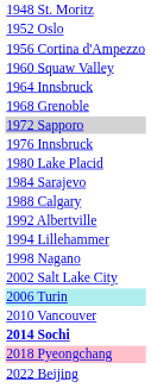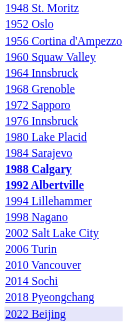 <table>
 <tr valign="top">
 <td><a href='#'>1948 St. Moritz</a><br></td>
 <td></td>
 <td></td>
 <td><br></td>
 </tr>
 <tr>
 <td><a href='#'>1952 Oslo</a><br></td>
 <td></td>
 <td></td>
 <td></td>
 </tr>
 <tr>
 <td><a href='#'>1956 Cortina d'Ampezzo</a><br></td>
 <td></td>
 <td></td>
 <td></td>
 </tr>
 <tr>
 <td><a href='#'>1960 Squaw Valley</a><br></td>
 <td></td>
 <td></td>
 <td></td>
 </tr>
 <tr>
 <td><a href='#'>1964 Innsbruck</a><br></td>
 <td></td>
 <td></td>
 <td></td>
 </tr>
 <tr>
 <td><a href='#'>1968 Grenoble</a><br></td>
 <td></td>
 <td></td>
 <td></td>
 </tr>
 <tr>
-<td style="background: lightgrey;"><a href='#'>1972 Sapporo</a><br></td>
+<td><a href='#'>1972 Sapporo</a><br></td>
 <td></td>
 <td></td>
 <td></td>
 </tr>
 <tr>
 <td><a href='#'>1976 Innsbruck</a><br></td>
 <td></td>
 <td></td>
 <td></td>
 </tr>
 <tr>
 <td><a href='#'>1980 Lake Placid</a><br></td>
 <td></td>
 <td></td>
 <td></td>
 </tr>
 <tr>
 <td><a href='#'>1984 Sarajevo</a><br></td>
 <td></td>
 <td></td>
 <td></td>
 </tr>
 <tr>
-<td><a href='#'>1988 Calgary</a><br></td>
+<td><strong><a href='#'>1988 Calgary</a><br></strong></td>
 <td></td>
 <td></td>
 <td></td>
 </tr>
 <tr>
-<td><a href='#'>1992 Albertville</a><br></td>
+<td><strong><a href='#'>1992 Albertville</a><br></strong></td>
 <td></td>
 <td></td>
 <td></td>
 </tr>
 <tr>
 <td><a href='#'>1994 Lillehammer</a><br></td>
 <td></td>
 <td></td>
 <td></td>
 </tr>
 <tr>
 <td><a href='#'>1998 Nagano</a><br></td>
 <td></td>
 <td></td>
 <td></td>
 </tr>
 <tr>
 <td><a href='#'>2002 Salt Lake City</a><br></td>
 <td></td>
 <td></td>
 <td></td>
 </tr>
 <tr>
-<td style="background: paleturquoise;"><a href='#'>2006 Turin</a><br></td>
+<td><a href='#'>2006 Turin</a><br></td>
 <td></td>
 <td></td>
 <td></td>
 </tr>
 <tr>
 <td><a href='#'>2010 Vancouver</a><br></td>
 <td></td>
 <td></td>
 <td></td>
 </tr>
 <tr>
-<td><strong><a href='#'>2014 Sochi</a><br></strong></td>
+<td><a href='#'>2014 Sochi</a><br></td>
 <td></td>
 <td></td>
 <td></td>
 </tr>
 <tr>
-<td style="background: pink;"><a href='#'>2018 Pyeongchang</a><br></td>
+<td><a href='#'>2018 Pyeongchang</a><br></td>
 <td></td>
 <td></td>
 <td></td>
 </tr>
 <tr>
-<td><a href='#'>2022 Beijing</a> <br></td>
+<td style="background: lavender;"><a href='#'>2022 Beijing</a> <br></td>
 <td></td>
 <td></td>
 <td></td>
 </tr>
 <tr>
 </tr>
 </table>
